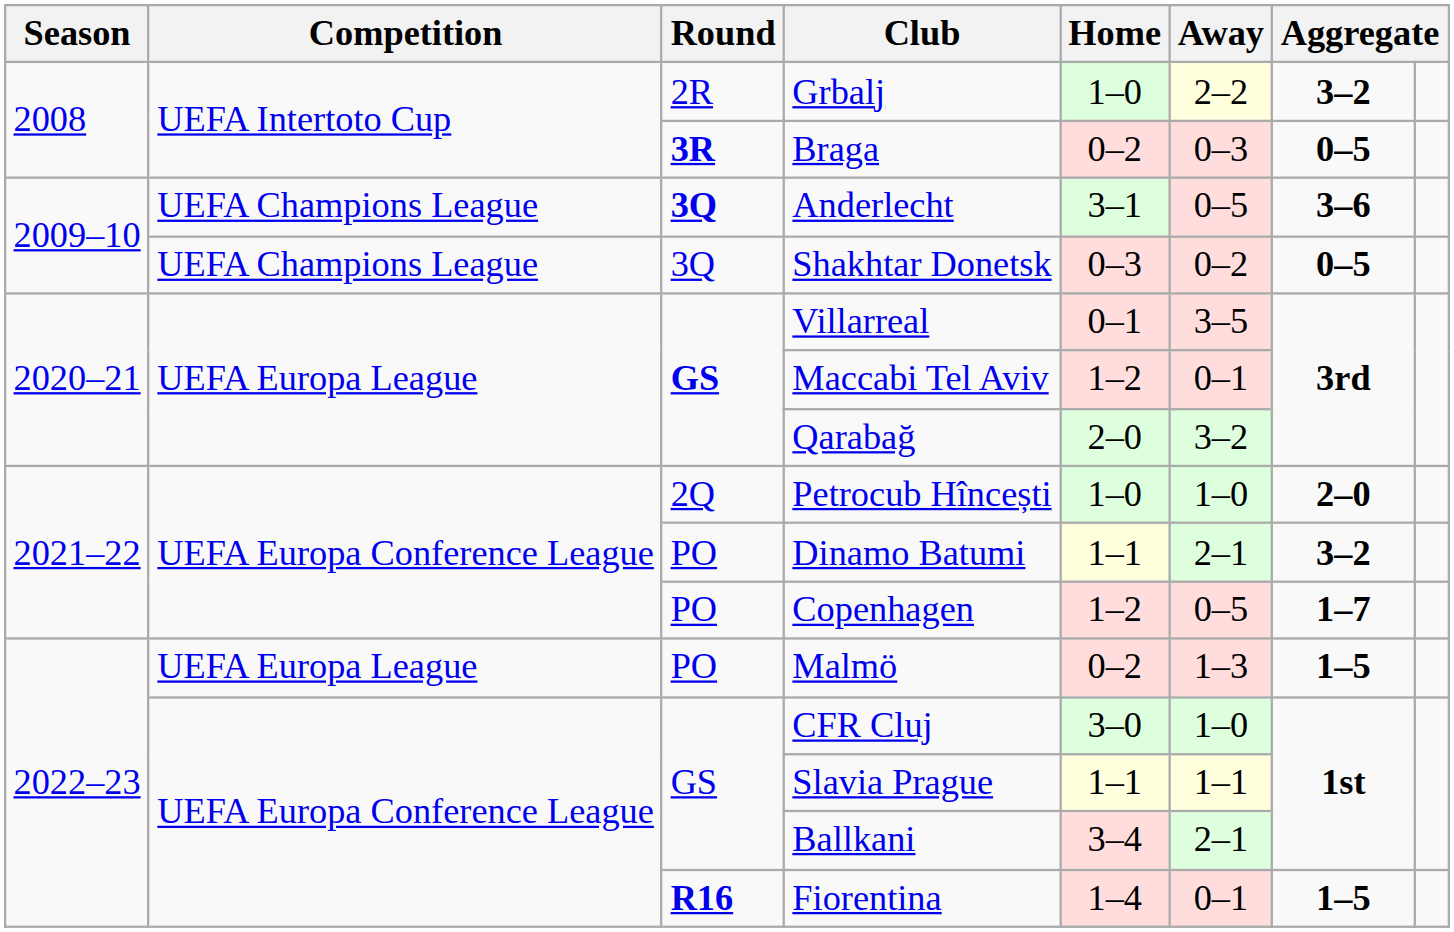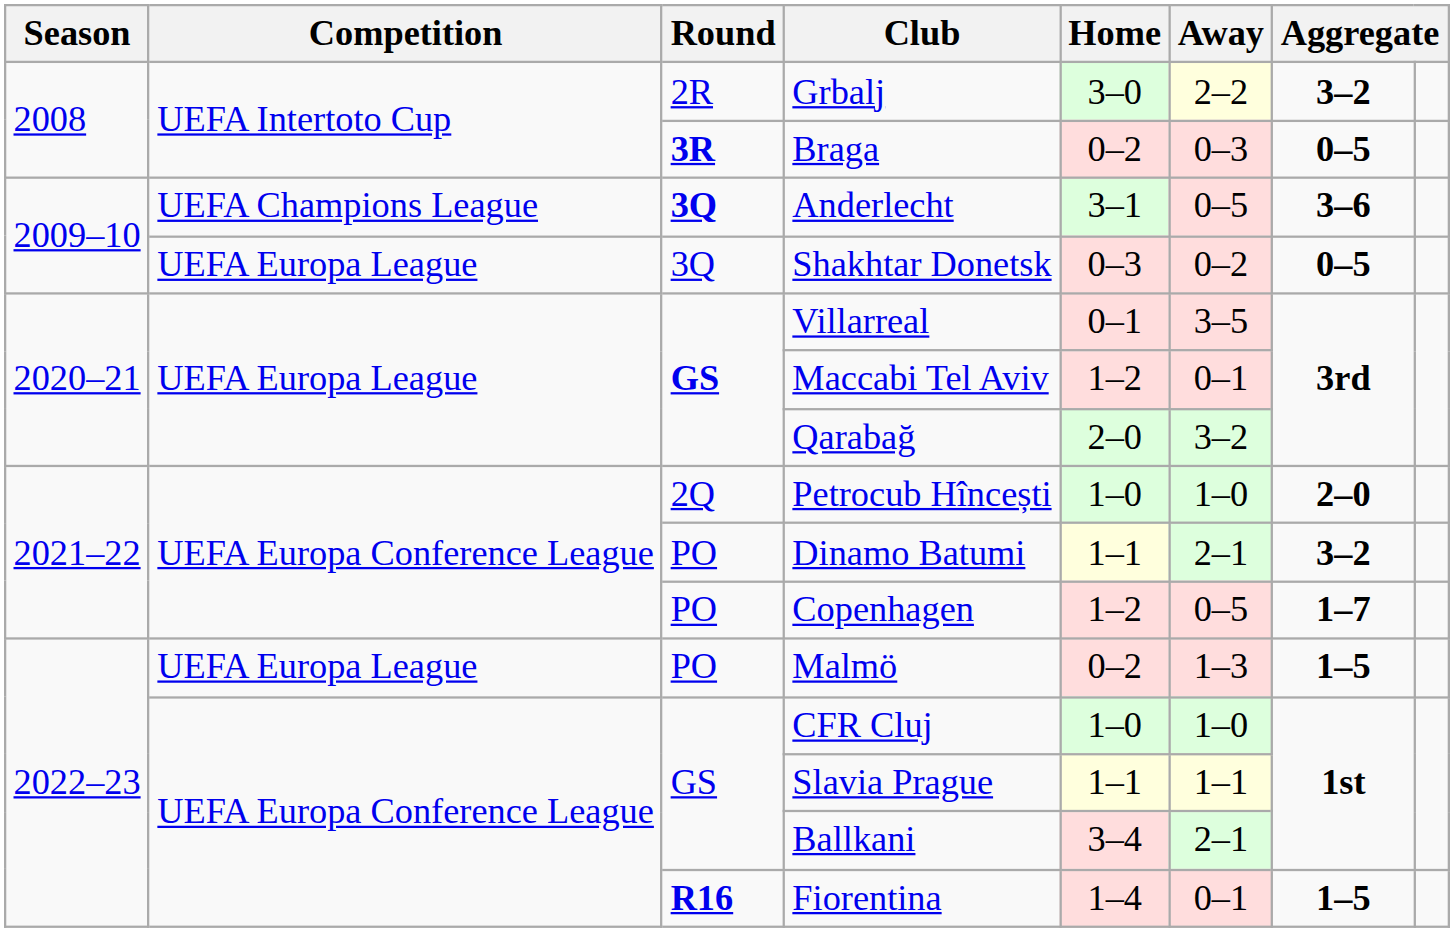 <table class="wikitable">
 <tr>
 <th>Season</th>
 <th>Competition</th>
 <th>Round</th>
 <th>Club</th>
 <th>Home</th>
 <th>Away</th>
 <th colspan="2">Aggregate</th>
 </tr>
 <tr>
 <td rowspan="2"><a href='#'>2008</a></td>
 <td rowspan="2"><a href='#'>UEFA Intertoto Cup</a></td>
 <td><a href='#'>2R</a></td>
 <td> <a href='#'>Grbalj</a></td>
-<td style="text-align:center; background:#dfd;">1–0</td>
+<td style="text-align:center; background:#dfd;">3–0</td>
 <td style="text-align:center; background:#ffd;">2–2</td>
 <td style="text-align:center;"><strong>3–2</strong></td>
 <td rowspan="1"></td>
 </tr>
 <tr>
 <td><strong><a href='#'>3R</a></strong></td>
 <td> <a href='#'>Braga</a></td>
 <td style="text-align:center; background:#fdd;">0–2</td>
 <td style="text-align:center; background:#fdd;">0–3</td>
 <td style="text-align:center;"><strong>0–5</strong></td>
 <td rowspan="1"></td>
 </tr>
 <tr>
 <td rowspan="2"><a href='#'>2009–10</a></td>
 <td><a href='#'>UEFA Champions League</a></td>
 <td><strong><a href='#'>3Q</a></strong></td>
 <td> <a href='#'>Anderlecht</a></td>
 <td style="text-align:center; background:#dfd;">3–1</td>
 <td style="text-align:center; background:#fdd;">0–5</td>
 <td style="text-align:center;"><strong>3–6</strong></td>
 <td rowspan="1"></td>
 </tr>
 <tr>
-<td><a href='#'>UEFA Champions League</a></td>
+<td><a href='#'>UEFA Europa League</a></td>
 <td><a href='#'>3Q</a></td>
 <td> <a href='#'>Shakhtar Donetsk</a></td>
 <td style="text-align:center; background:#fdd;">0–3</td>
 <td style="text-align:center; background:#fdd;">0–2</td>
 <td style="text-align:center;"><strong>0–5</strong></td>
 <td rowspan="1"></td>
 </tr>
 <tr>
 <td rowspan="3"><a href='#'>2020–21</a></td>
 <td rowspan="3"><a href='#'>UEFA Europa League</a></td>
 <td rowspan="3"><strong><a href='#'>GS</a></strong></td>
 <td> <a href='#'>Villarreal</a></td>
 <td style="text-align:center; background:#fdd;">0–1</td>
 <td style="text-align:center; background:#fdd;">3–5</td>
 <td rowspan="3" style="text-align:center;"><strong>3rd</strong></td>
 <td rowspan="3"></td>
 </tr>
 <tr>
 <td> <a href='#'>Maccabi Tel Aviv</a></td>
 <td style="text-align:center; background:#fdd;">1–2</td>
 <td style="text-align:center; background:#fdd;">0–1</td>
 </tr>
 <tr>
 <td> <a href='#'>Qarabağ</a></td>
 <td style="text-align:center; background:#dfd;">2–0</td>
 <td style="text-align:center; background:#dfd;">3–2</td>
 </tr>
 <tr>
 <td rowspan="3"><a href='#'>2021–22</a></td>
 <td rowspan="3"><a href='#'>UEFA Europa Conference League</a></td>
 <td><a href='#'>2Q</a></td>
 <td> <a href='#'>Petrocub Hîncești</a></td>
 <td style="text-align:center; background:#dfd;">1–0</td>
 <td style="text-align:center; background:#dfd;">1–0</td>
 <td style="text-align:center;"><strong>2–0</strong></td>
 <td rowspan="1"></td>
 </tr>
 <tr>
 <td><a href='#'>PO</a></td>
 <td> <a href='#'>Dinamo Batumi</a></td>
 <td style="text-align:center; background:#ffd;">1–1 <br> <small></small></td>
 <td style="text-align:center; background:#dfd;">2–1</td>
 <td style="text-align:center;"><strong>3–2</strong></td>
 <td rowspan="1"></td>
 </tr>
 <tr>
 <td><a href='#'>PO</a></td>
 <td> <a href='#'>Copenhagen</a></td>
 <td style="text-align:center; background:#fdd;">1–2</td>
 <td style="text-align:center; background:#fdd;">0–5</td>
 <td style="text-align:center;"><strong>1–7</strong></td>
 <td rowspan="1"></td>
 </tr>
 <tr>
 <td rowspan="5"><a href='#'>2022–23</a></td>
 <td><a href='#'>UEFA Europa League</a></td>
 <td><a href='#'>PO</a></td>
 <td> <a href='#'>Malmö</a></td>
 <td style="text-align:center; background:#fdd;">0–2</td>
 <td style="text-align:center; background:#fdd;">1–3</td>
 <td style="text-align:center;"><strong>1–5</strong></td>
 <td rowspan="1"></td>
 </tr>
 <tr>
 <td rowspan="4"><a href='#'>UEFA Europa Conference League</a></td>
 <td rowspan="3"><a href='#'>GS</a></td>
 <td align="left"> <a href='#'>CFR Cluj</a></td>
-<td style="text-align:center; background:#dfd;">3–0</td>
+<td style="text-align:center; background:#dfd;">1–0</td>
 <td style="text-align:center; background:#dfd;">1–0</td>
 <td rowspan="3" style="text-align:center;"><strong>1st</strong></td>
 <td rowspan="3"></td>
 </tr>
 <tr>
 <td align="left"> <a href='#'>Slavia Prague</a></td>
 <td style="text-align:center; background:#ffd;">1–1</td>
 <td style="text-align:center; background:#ffd;">1–1</td>
 </tr>
 <tr>
 <td align="left"> <a href='#'>Ballkani</a></td>
 <td style="text-align:center; background:#fdd;">3–4</td>
 <td style="text-align:center; background:#dfd;">2–1</td>
 </tr>
 <tr>
 <td><strong><a href='#'>R16</a></strong></td>
 <td> <a href='#'>Fiorentina</a></td>
 <td style="text-align:center; background:#fdd;">1–4</td>
 <td style="text-align:center; background:#fdd;">0–1</td>
 <td style="text-align:center;"><strong>1–5</strong></td>
 <td rowspan="1"></td>
 </tr>
 </table>
